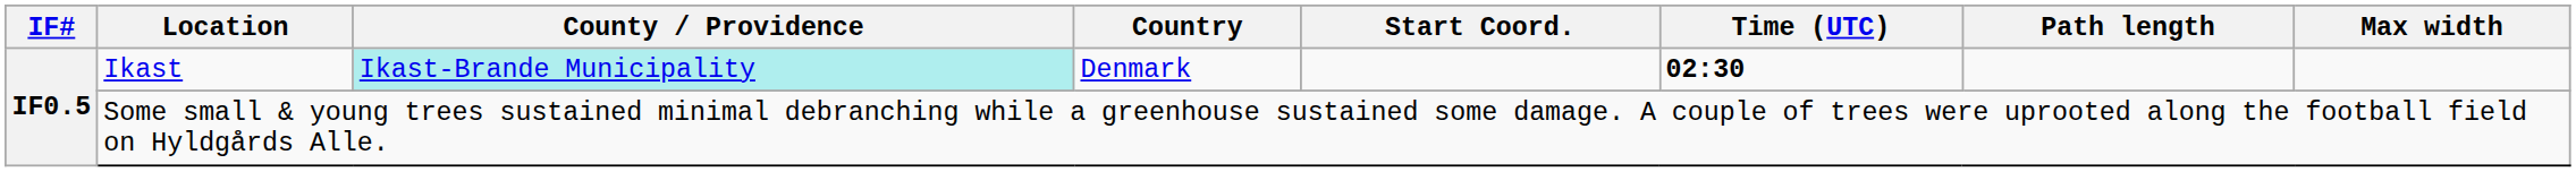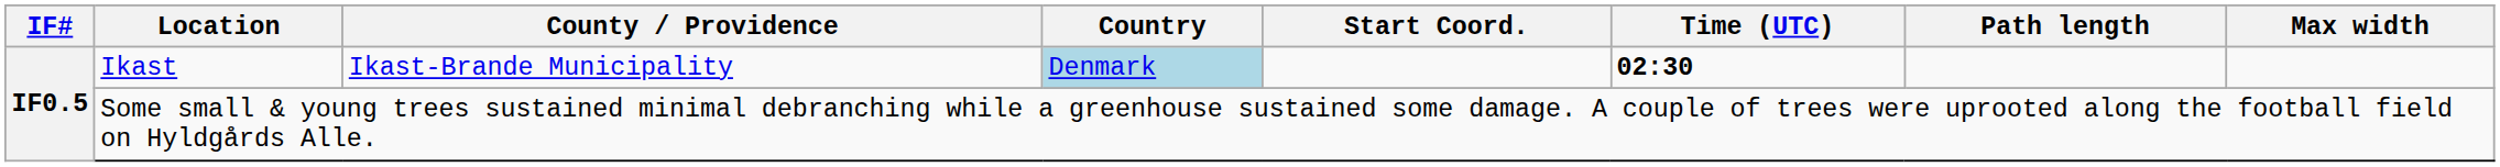 <table class="wikitable sortable" style="width:100%;">
 <tr>
 <th scope="col" width="2%" align="center"><a href='#'>IF#</a></th>
 <th scope="col" align="center" class="unsortable">Location</th>
 <th scope="col" align="center" class="unsortable">County / Providence</th>
 <th scope="col" align="center">Country</th>
 <th scope="col" align="center">Start Coord.</th>
 <th scope="col" align="center">Time (<a href='#'>UTC</a>)</th>
 <th scope="col" align="center">Path length</th>
 <th scope="col" align="center">Max width</th>
 </tr>
 <tr>
 <th scope="row" rowspan="2" style="background-color:#">IF0.5</th>
 <td><a href='#'>Ikast</a></td>
-<td style="background: paleturquoise;"><a href='#'>Ikast-Brande Municipality</a></td>
-<td><a href='#'>Denmark</a></td>
+<td><a href='#'>Ikast-Brande Municipality</a></td>
+<td style="background: lightblue;"><a href='#'>Denmark</a></td>
 <td></td>
 <td><strong>02:30</strong></td>
 <td></td>
 <td></td>
 </tr>
 <tr class="expand-child">
 <td colspan="8" style=" border-bottom: 1px solid black ">Some small & young trees sustained minimal debranching while a greenhouse sustained some damage. A couple of trees were uprooted along the football field on Hyldgårds Alle.</td>
 </tr>
 </table>
